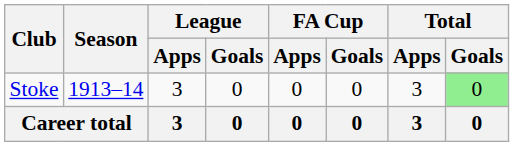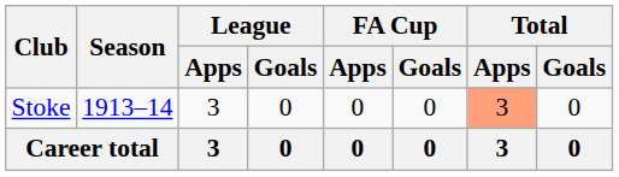 <table class="wikitable" style="text-align: center;">
 <tr>
 <th rowspan="2">Club</th>
 <th rowspan="2">Season</th>
 <th colspan="2">League</th>
 <th colspan="2">FA Cup</th>
 <th colspan="2">Total</th>
 </tr>
 <tr>
 <th>Apps</th>
 <th>Goals</th>
 <th>Apps</th>
 <th>Goals</th>
 <th>Apps</th>
 <th>Goals</th>
 </tr>
 <tr>
 <td><a href='#'>Stoke</a></td>
 <td><a href='#'>1913–14</a></td>
 <td>3</td>
 <td>0</td>
 <td>0</td>
 <td>0</td>
-<td>3</td>
-<td style="background: lightgreen;">0</td>
+<td style="background: lightsalmon;">3</td>
+<td>0</td>
 </tr>
 <tr>
 <th colspan="2">Career total</th>
 <th>3</th>
 <th>0</th>
 <th>0</th>
 <th>0</th>
 <th>3</th>
 <th>0</th>
 </tr>
 </table>
